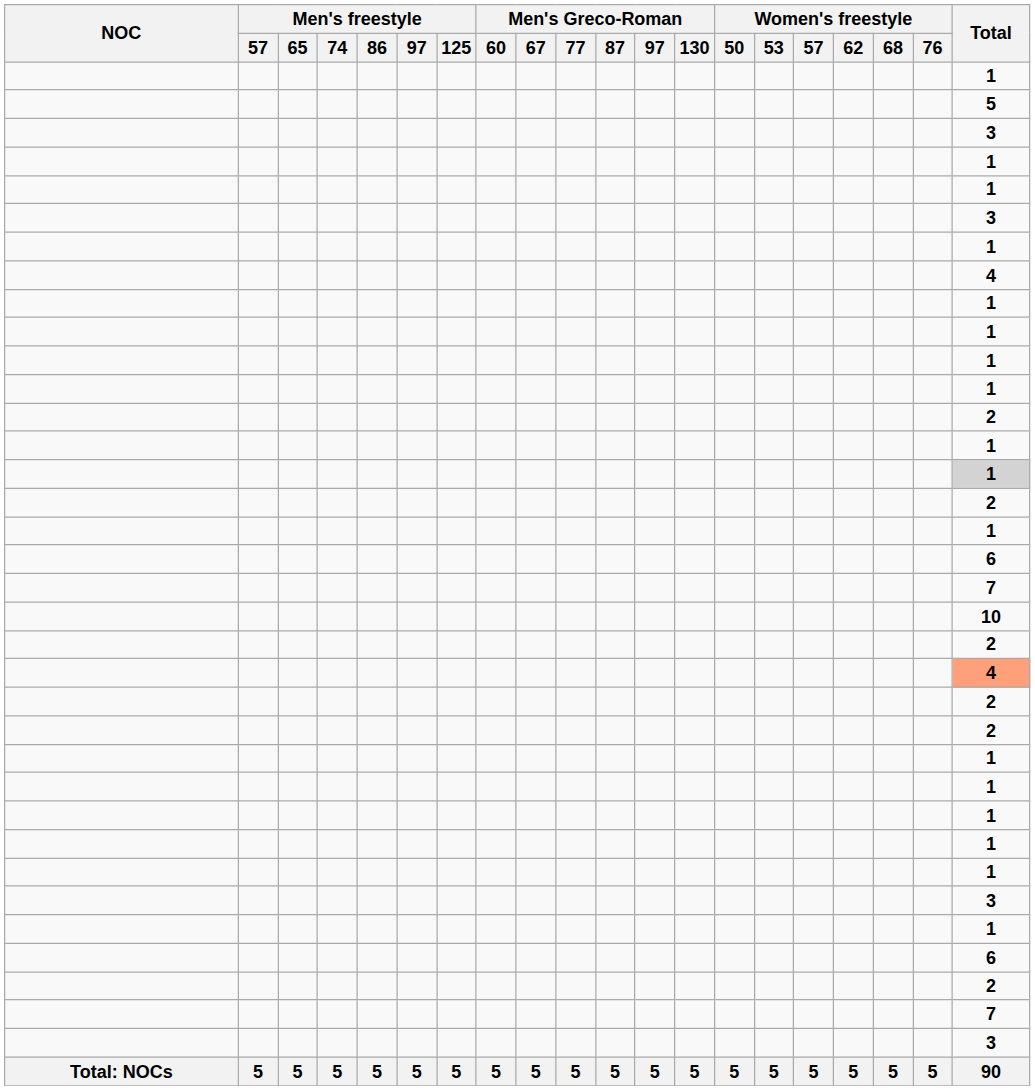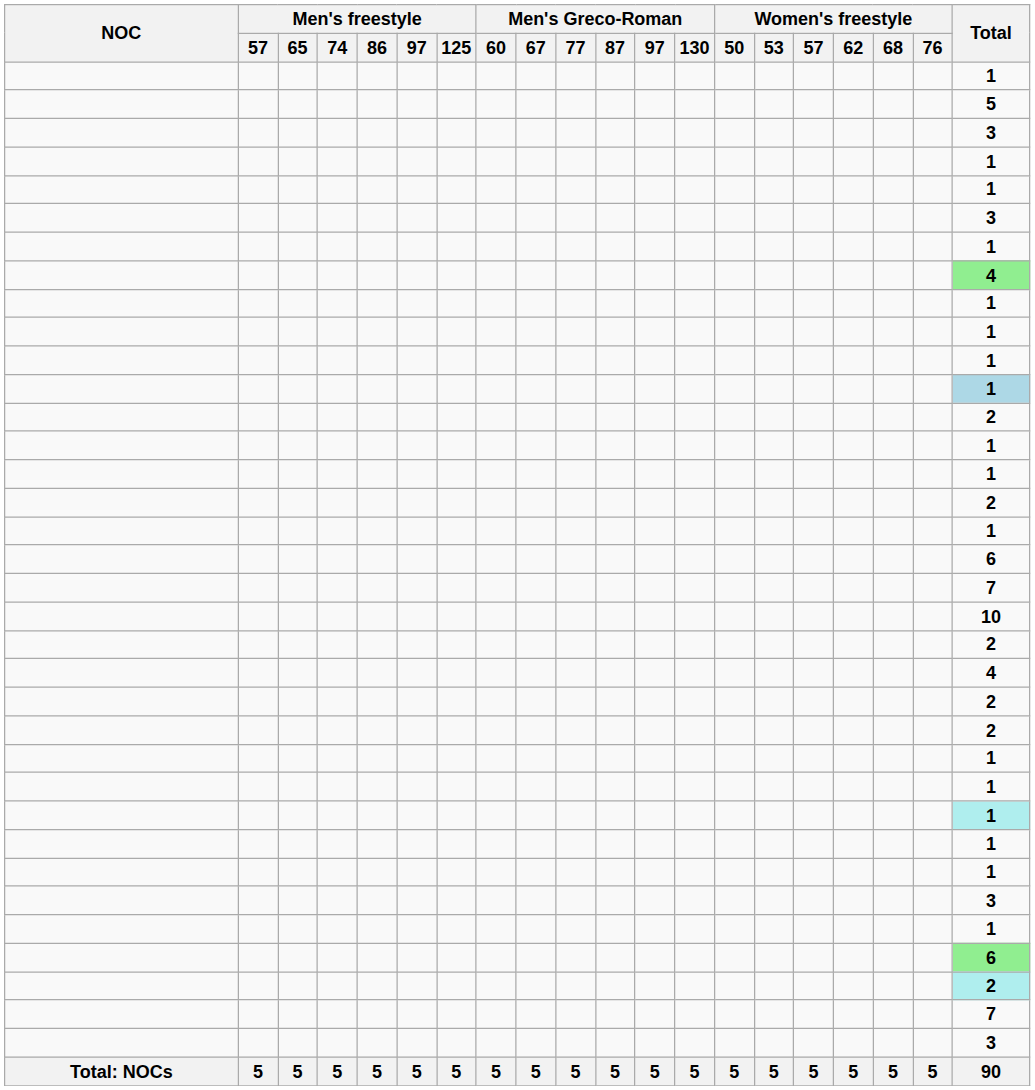 <table class="wikitable sortable" id="wrestlingNOC" style="text-align:center; font-size:90%">
 <tr>
 <th rowspan="2" width=180 style="text-align:center;">NOC</th>
 <th colspan="6" class="unsortable">Men's freestyle</th>
 <th colspan="6" class="unsortable">Men's Greco-Roman</th>
 <th colspan=6 class="unsortable">Women's freestyle</th>
 <th ! width=55 rowspan="2">Total</th>
 </tr>
 <tr>
 <th width=25 class="unsortable">57</th>
 <th width=25 class="unsortable">65</th>
 <th width=25 class="unsortable">74</th>
 <th width=25 class="unsortable">86</th>
 <th width=25 class="unsortable">97</th>
 <th width=25 class="unsortable">125</th>
 <th width=25 class="unsortable">60</th>
 <th width=25 class="unsortable">67</th>
 <th width=25 class="unsortable">77</th>
 <th width=25 class="unsortable">87</th>
 <th width=25 class="unsortable">97</th>
 <th width=25 class="unsortable">130</th>
 <th width=25 class="unsortable">50</th>
 <th width=25 class="unsortable">53</th>
 <th width=25 class="unsortable">57</th>
 <th width=25 class="unsortable">62</th>
 <th width=25 class="unsortable">68</th>
 <th width=25 class="unsortable">76</th>
 </tr>
 <tr>
 <td align=left></td>
 <td></td>
 <td></td>
 <td></td>
 <td></td>
 <td></td>
 <td></td>
 <td></td>
 <td></td>
 <td></td>
 <td></td>
 <td></td>
 <td></td>
 <td></td>
 <td></td>
 <td></td>
 <td></td>
 <td></td>
 <td></td>
 <td><strong>1</strong></td>
 </tr>
 <tr>
 <td align=left></td>
 <td></td>
 <td></td>
 <td></td>
 <td></td>
 <td></td>
 <td></td>
 <td></td>
 <td></td>
 <td></td>
 <td></td>
 <td></td>
 <td></td>
 <td></td>
 <td></td>
 <td></td>
 <td></td>
 <td></td>
 <td></td>
 <td><strong>5</strong></td>
 </tr>
 <tr>
 <td align=left></td>
 <td></td>
 <td></td>
 <td></td>
 <td></td>
 <td></td>
 <td></td>
 <td></td>
 <td></td>
 <td></td>
 <td></td>
 <td></td>
 <td></td>
 <td></td>
 <td></td>
 <td></td>
 <td></td>
 <td></td>
 <td></td>
 <td><strong>3</strong></td>
 </tr>
 <tr>
 <td align=left></td>
 <td></td>
 <td></td>
 <td></td>
 <td></td>
 <td></td>
 <td></td>
 <td></td>
 <td></td>
 <td></td>
 <td></td>
 <td></td>
 <td></td>
 <td></td>
 <td></td>
 <td></td>
 <td></td>
 <td></td>
 <td></td>
 <td><strong>1</strong></td>
 </tr>
 <tr>
 <td align=left></td>
 <td></td>
 <td></td>
 <td></td>
 <td></td>
 <td></td>
 <td></td>
 <td></td>
 <td></td>
 <td></td>
 <td></td>
 <td></td>
 <td></td>
 <td></td>
 <td></td>
 <td></td>
 <td></td>
 <td></td>
 <td></td>
 <td><strong>1</strong></td>
 </tr>
 <tr>
 <td align=left></td>
 <td></td>
 <td></td>
 <td></td>
 <td></td>
 <td></td>
 <td></td>
 <td></td>
 <td></td>
 <td></td>
 <td></td>
 <td></td>
 <td></td>
 <td></td>
 <td></td>
 <td></td>
 <td></td>
 <td></td>
 <td></td>
 <td><strong>3</strong></td>
 </tr>
 <tr>
 <td align=left></td>
 <td></td>
 <td></td>
 <td></td>
 <td></td>
 <td></td>
 <td></td>
 <td></td>
 <td></td>
 <td></td>
 <td></td>
 <td></td>
 <td></td>
 <td></td>
 <td></td>
 <td></td>
 <td></td>
 <td></td>
 <td></td>
 <td><strong>1</strong></td>
 </tr>
 <tr>
 <td align=left></td>
 <td></td>
 <td></td>
 <td></td>
 <td></td>
 <td></td>
 <td></td>
 <td></td>
 <td></td>
 <td></td>
 <td></td>
 <td></td>
 <td></td>
 <td></td>
 <td></td>
 <td></td>
 <td></td>
 <td></td>
 <td></td>
-<td><strong>4</strong></td>
+<td style="background: lightgreen;"><strong>4</strong></td>
 </tr>
 <tr>
 <td align=left></td>
 <td></td>
 <td></td>
 <td></td>
 <td></td>
 <td></td>
 <td></td>
 <td></td>
 <td></td>
 <td></td>
 <td></td>
 <td></td>
 <td></td>
 <td></td>
 <td></td>
 <td></td>
 <td></td>
 <td></td>
 <td></td>
 <td><strong>1</strong></td>
 </tr>
 <tr>
 <td align=left></td>
 <td></td>
 <td></td>
 <td></td>
 <td></td>
 <td></td>
 <td></td>
 <td></td>
 <td></td>
 <td></td>
 <td></td>
 <td></td>
 <td></td>
 <td></td>
 <td></td>
 <td></td>
 <td></td>
 <td></td>
 <td></td>
 <td><strong>1</strong></td>
 </tr>
 <tr>
 <td align=left></td>
 <td></td>
 <td></td>
 <td></td>
 <td></td>
 <td></td>
 <td></td>
 <td></td>
 <td></td>
 <td></td>
 <td></td>
 <td></td>
 <td></td>
 <td></td>
 <td></td>
 <td></td>
 <td></td>
 <td></td>
 <td></td>
 <td><strong>1</strong></td>
 </tr>
 <tr>
 <td align=left></td>
 <td></td>
 <td></td>
 <td></td>
 <td></td>
 <td></td>
 <td></td>
 <td></td>
 <td></td>
 <td></td>
 <td></td>
 <td></td>
 <td></td>
 <td></td>
 <td></td>
 <td></td>
 <td></td>
 <td></td>
 <td></td>
-<td><strong>1</strong></td>
+<td style="background: lightblue;"><strong>1</strong></td>
 </tr>
 <tr>
 <td align=left></td>
 <td></td>
 <td></td>
 <td></td>
 <td></td>
 <td></td>
 <td></td>
 <td></td>
 <td></td>
 <td></td>
 <td></td>
 <td></td>
 <td></td>
 <td></td>
 <td></td>
 <td></td>
 <td></td>
 <td></td>
 <td></td>
 <td><strong>2</strong></td>
 </tr>
 <tr>
 <td align=left></td>
 <td></td>
 <td></td>
 <td></td>
 <td></td>
 <td></td>
 <td></td>
 <td></td>
 <td></td>
 <td></td>
 <td></td>
 <td></td>
 <td></td>
 <td></td>
 <td></td>
 <td></td>
 <td></td>
 <td></td>
 <td></td>
 <td><strong>1</strong></td>
 </tr>
 <tr>
 <td align=left></td>
 <td></td>
 <td></td>
 <td></td>
 <td></td>
 <td></td>
 <td></td>
 <td></td>
 <td></td>
 <td></td>
 <td></td>
 <td></td>
 <td></td>
 <td></td>
 <td></td>
 <td></td>
 <td></td>
 <td></td>
 <td></td>
-<td style="background: lightgrey;"><strong>1</strong></td>
+<td><strong>1</strong></td>
 </tr>
 <tr>
 <td align=left></td>
 <td></td>
 <td></td>
 <td></td>
 <td></td>
 <td></td>
 <td></td>
 <td></td>
 <td></td>
 <td></td>
 <td></td>
 <td></td>
 <td></td>
 <td></td>
 <td></td>
 <td></td>
 <td></td>
 <td></td>
 <td></td>
 <td><strong>2</strong></td>
 </tr>
 <tr>
 <td align=left></td>
 <td></td>
 <td></td>
 <td></td>
 <td></td>
 <td></td>
 <td></td>
 <td></td>
 <td></td>
 <td></td>
 <td></td>
 <td></td>
 <td></td>
 <td></td>
 <td></td>
 <td></td>
 <td></td>
 <td></td>
 <td></td>
 <td><strong>1</strong></td>
 </tr>
 <tr>
 <td align=left></td>
 <td></td>
 <td></td>
 <td></td>
 <td></td>
 <td></td>
 <td></td>
 <td></td>
 <td></td>
 <td></td>
 <td></td>
 <td></td>
 <td></td>
 <td></td>
 <td></td>
 <td></td>
 <td></td>
 <td></td>
 <td></td>
 <td><strong>6</strong></td>
 </tr>
 <tr>
 <td align=left></td>
 <td></td>
 <td></td>
 <td></td>
 <td></td>
 <td></td>
 <td></td>
 <td></td>
 <td></td>
 <td></td>
 <td></td>
 <td></td>
 <td></td>
 <td></td>
 <td></td>
 <td></td>
 <td></td>
 <td></td>
 <td></td>
 <td><strong>7</strong></td>
 </tr>
 <tr>
 <td align=left></td>
 <td></td>
 <td></td>
 <td></td>
 <td></td>
 <td></td>
 <td></td>
 <td></td>
 <td></td>
 <td></td>
 <td></td>
 <td></td>
 <td></td>
 <td></td>
 <td></td>
 <td></td>
 <td></td>
 <td></td>
 <td></td>
 <td><strong>10</strong></td>
 </tr>
 <tr>
 <td align=left></td>
 <td></td>
 <td></td>
 <td></td>
 <td></td>
 <td></td>
 <td></td>
 <td></td>
 <td></td>
 <td></td>
 <td></td>
 <td></td>
 <td></td>
 <td></td>
 <td></td>
 <td></td>
 <td></td>
 <td></td>
 <td></td>
 <td><strong>2</strong></td>
 </tr>
 <tr>
 <td align=left></td>
 <td></td>
 <td></td>
 <td></td>
 <td></td>
 <td></td>
 <td></td>
 <td></td>
 <td></td>
 <td></td>
 <td></td>
 <td></td>
 <td></td>
 <td></td>
 <td></td>
 <td></td>
 <td></td>
 <td></td>
 <td></td>
-<td style="background: lightsalmon;"><strong>4</strong></td>
+<td><strong>4</strong></td>
 </tr>
 <tr>
 <td align=left></td>
 <td></td>
 <td></td>
 <td></td>
 <td></td>
 <td></td>
 <td></td>
 <td></td>
 <td></td>
 <td></td>
 <td></td>
 <td></td>
 <td></td>
 <td></td>
 <td></td>
 <td></td>
 <td></td>
 <td></td>
 <td></td>
 <td><strong>2</strong></td>
 </tr>
 <tr>
 <td align=left></td>
 <td></td>
 <td></td>
 <td></td>
 <td></td>
 <td></td>
 <td></td>
 <td></td>
 <td></td>
 <td></td>
 <td></td>
 <td></td>
 <td></td>
 <td></td>
 <td></td>
 <td></td>
 <td></td>
 <td></td>
 <td></td>
 <td><strong>2</strong></td>
 </tr>
 <tr>
 <td align=left></td>
 <td></td>
 <td></td>
 <td></td>
 <td></td>
 <td></td>
 <td></td>
 <td></td>
 <td></td>
 <td></td>
 <td></td>
 <td></td>
 <td></td>
 <td></td>
 <td></td>
 <td></td>
 <td></td>
 <td></td>
 <td></td>
 <td><strong>1</strong></td>
 </tr>
 <tr>
 <td align=left></td>
 <td></td>
 <td></td>
 <td></td>
 <td></td>
 <td></td>
 <td></td>
 <td></td>
 <td></td>
 <td></td>
 <td></td>
 <td></td>
 <td></td>
 <td></td>
 <td></td>
 <td></td>
 <td></td>
 <td></td>
 <td></td>
 <td><strong>1</strong></td>
 </tr>
 <tr>
 <td align=left></td>
 <td></td>
 <td></td>
 <td></td>
 <td></td>
 <td></td>
 <td></td>
 <td></td>
 <td></td>
 <td></td>
 <td></td>
 <td></td>
 <td></td>
 <td></td>
 <td></td>
 <td></td>
 <td></td>
 <td></td>
 <td></td>
-<td><strong>1</strong></td>
+<td style="background: paleturquoise;"><strong>1</strong></td>
 </tr>
 <tr>
 <td align=left></td>
 <td></td>
 <td></td>
 <td></td>
 <td></td>
 <td></td>
 <td></td>
 <td></td>
 <td></td>
 <td></td>
 <td></td>
 <td></td>
 <td></td>
 <td></td>
 <td></td>
 <td></td>
 <td></td>
 <td></td>
 <td></td>
 <td><strong>1</strong></td>
 </tr>
 <tr>
 <td align=left></td>
 <td></td>
 <td></td>
 <td></td>
 <td></td>
 <td></td>
 <td></td>
 <td></td>
 <td></td>
 <td></td>
 <td></td>
 <td></td>
 <td></td>
 <td></td>
 <td></td>
 <td></td>
 <td></td>
 <td></td>
 <td></td>
 <td><strong>1</strong></td>
 </tr>
 <tr>
 <td align=left></td>
 <td></td>
 <td></td>
 <td></td>
 <td></td>
 <td></td>
 <td></td>
 <td></td>
 <td></td>
 <td></td>
 <td></td>
 <td></td>
 <td></td>
 <td></td>
 <td></td>
 <td></td>
 <td></td>
 <td></td>
 <td></td>
 <td><strong>3</strong></td>
 </tr>
 <tr>
 <td align=left></td>
 <td></td>
 <td></td>
 <td></td>
 <td></td>
 <td></td>
 <td></td>
 <td></td>
 <td></td>
 <td></td>
 <td></td>
 <td></td>
 <td></td>
 <td></td>
 <td></td>
 <td></td>
 <td></td>
 <td></td>
 <td></td>
 <td><strong>1</strong></td>
 </tr>
 <tr>
 <td align=left></td>
 <td></td>
 <td></td>
 <td></td>
 <td></td>
 <td></td>
 <td></td>
 <td></td>
 <td></td>
 <td></td>
 <td></td>
 <td></td>
 <td></td>
 <td></td>
 <td></td>
 <td></td>
 <td></td>
 <td></td>
 <td></td>
-<td><strong>6</strong></td>
+<td style="background: lightgreen;"><strong>6</strong></td>
 </tr>
 <tr>
 <td align=left></td>
 <td></td>
 <td></td>
 <td></td>
 <td></td>
 <td></td>
 <td></td>
 <td></td>
 <td></td>
 <td></td>
 <td></td>
 <td></td>
 <td></td>
 <td></td>
 <td></td>
 <td></td>
 <td></td>
 <td></td>
 <td></td>
-<td><strong>2</strong></td>
+<td style="background: paleturquoise;"><strong>2</strong></td>
 </tr>
 <tr>
 <td align=left></td>
 <td></td>
 <td></td>
 <td></td>
 <td></td>
 <td></td>
 <td></td>
 <td></td>
 <td></td>
 <td></td>
 <td></td>
 <td></td>
 <td></td>
 <td></td>
 <td></td>
 <td></td>
 <td></td>
 <td></td>
 <td></td>
 <td><strong>7</strong></td>
 </tr>
 <tr>
 <td align=left></td>
 <td></td>
 <td></td>
 <td></td>
 <td></td>
 <td></td>
 <td></td>
 <td></td>
 <td></td>
 <td></td>
 <td></td>
 <td></td>
 <td></td>
 <td></td>
 <td></td>
 <td></td>
 <td></td>
 <td></td>
 <td></td>
 <td><strong>3</strong></td>
 </tr>
 <tr>
 <th>Total:  NOCs</th>
 <th>5</th>
 <th>5</th>
 <th>5</th>
 <th>5</th>
 <th>5</th>
 <th>5</th>
 <th>5</th>
 <th>5</th>
 <th>5</th>
 <th>5</th>
 <th>5</th>
 <th>5</th>
 <th>5</th>
 <th>5</th>
 <th>5</th>
 <th>5</th>
 <th>5</th>
 <th>5</th>
 <th>90</th>
 </tr>
 </table>
